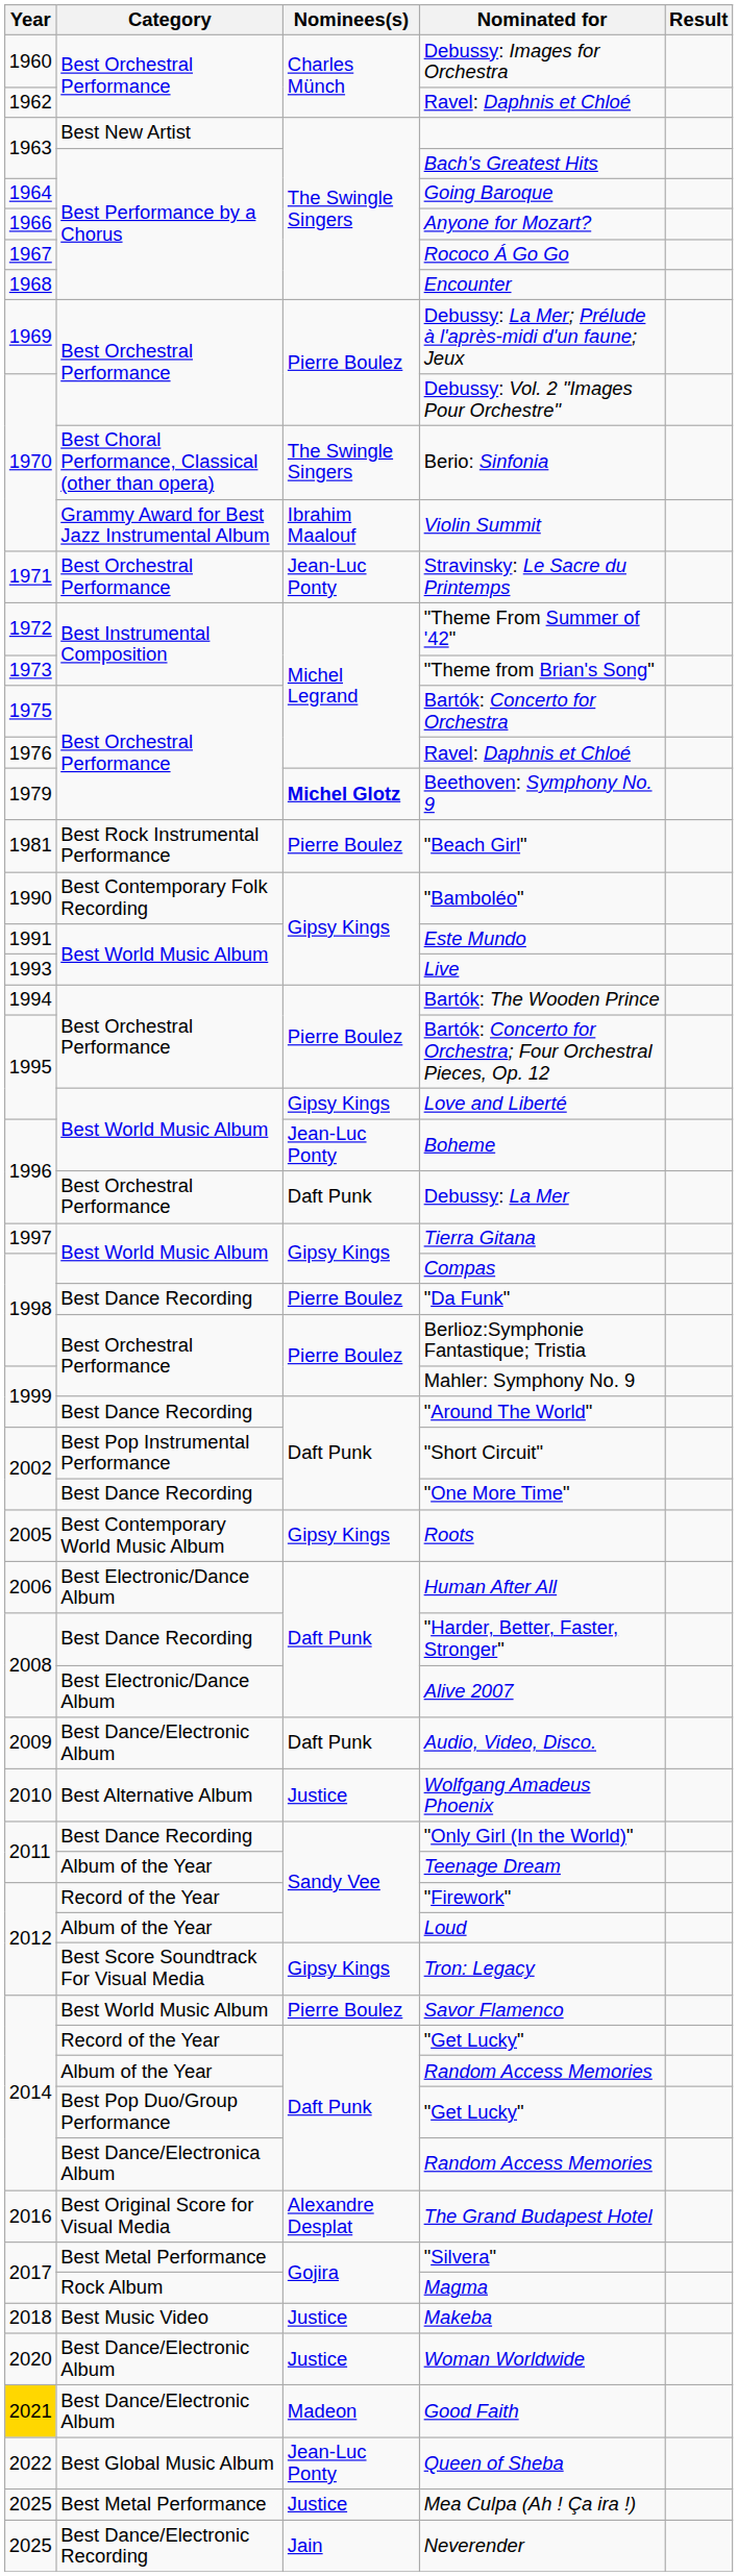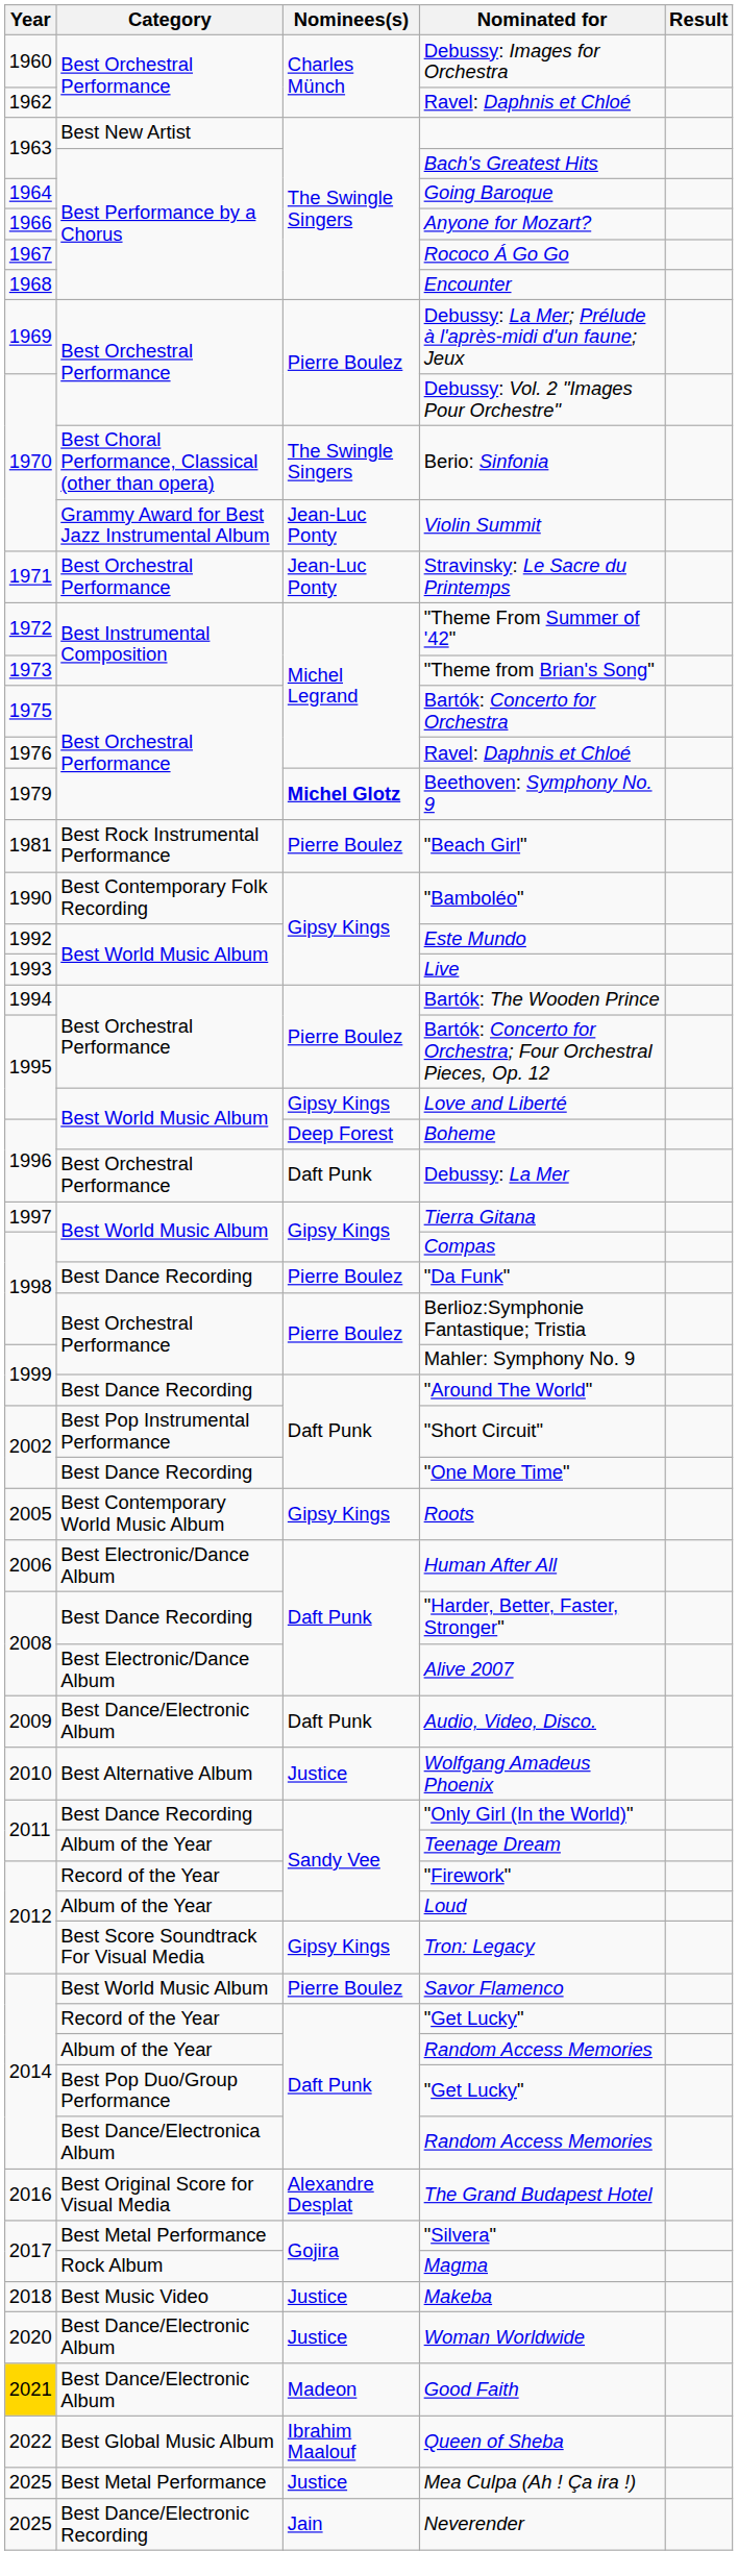 <table class="wikitable sortable">
 <tr>
 <th>Year</th>
 <th>Category</th>
 <th>Nominees(s)</th>
 <th>Nominated for</th>
 <th>Result</th>
 </tr>
 <tr>
 <td>1960</td>
 <td rowspan="2"><a href='#'>Best Orchestral Performance</a></td>
 <td rowspan=2><a href='#'>Charles Münch</a></td>
 <td><a href='#'>Debussy</a>: <em>Images for Orchestra</em></td>
 <td></td>
 </tr>
 <tr>
 <td>1962</td>
 <td><a href='#'>Ravel</a>: <em><a href='#'>Daphnis et Chloé</a></em></td>
 <td></td>
 </tr>
 <tr>
 <td rowspan=2>1963</td>
 <td>Best New Artist</td>
 <td rowspan=6><a href='#'>The Swingle Singers</a></td>
 <td></td>
 <td></td>
 </tr>
 <tr>
 <td rowspan=5><a href='#'>Best Performance by a Chorus</a></td>
 <td><em><a href='#'>Bach's Greatest Hits</a></em></td>
 <td></td>
 </tr>
 <tr>
 <td><a href='#'>1964</a></td>
 <td><em><a href='#'>Going Baroque</a></em></td>
 <td></td>
 </tr>
 <tr>
 <td><a href='#'>1966</a></td>
 <td><em><a href='#'>Anyone for Mozart?</a></em></td>
 <td></td>
 </tr>
 <tr>
 <td><a href='#'>1967</a></td>
 <td><em><a href='#'>Rococo Á Go Go</a></em></td>
 <td></td>
 </tr>
 <tr>
 <td><a href='#'>1968</a></td>
 <td><em><a href='#'>Encounter</a></em></td>
 <td></td>
 </tr>
 <tr>
 <td><a href='#'>1969</a></td>
 <td rowspan=2><a href='#'>Best Orchestral Performance</a></td>
 <td rowspan=2><a href='#'>Pierre Boulez</a></td>
 <td><a href='#'>Debussy</a>: <em><a href='#'>La Mer</a>; <a href='#'>Prélude à l'après-midi d'un faune</a>; Jeux</em></td>
 <td></td>
 </tr>
 <tr>
 <td rowspan=3><a href='#'>1970</a></td>
 <td><a href='#'>Debussy</a>: <em>Vol. 2 "Images Pour Orchestre"</em></td>
 <td></td>
 </tr>
 <tr>
 <td><a href='#'>Best Choral Performance, Classical (other than opera)</a></td>
 <td><a href='#'>The Swingle Singers</a></td>
 <td>Berio: <em><a href='#'>Sinfonia</a></em></td>
 <td></td>
 </tr>
 <tr>
 <td><a href='#'>Grammy Award for Best Jazz Instrumental Album</a></td>
-<td><a href='#'>Ibrahim Maalouf</a></td>
+<td><a href='#'>Jean-Luc Ponty</a></td>
 <td><em><a href='#'>Violin Summit</a></em></td>
 <td></td>
 </tr>
 <tr>
 <td><a href='#'>1971</a></td>
 <td><a href='#'>Best Orchestral Performance</a></td>
 <td><a href='#'>Jean-Luc Ponty</a></td>
 <td><a href='#'>Stravinsky</a>: <em><a href='#'>Le Sacre du Printemps</a></em></td>
 <td></td>
 </tr>
 <tr>
 <td><a href='#'>1972</a></td>
 <td rowspan=2><a href='#'>Best Instrumental Composition</a></td>
 <td rowspan=4><a href='#'>Michel Legrand</a></td>
 <td>"Theme From <a href='#'>Summer of '42</a>"</td>
 <td></td>
 </tr>
 <tr>
 <td><a href='#'>1973</a></td>
 <td>"Theme from <a href='#'>Brian's Song</a>"</td>
 <td></td>
 </tr>
 <tr>
 <td><a href='#'>1975</a></td>
 <td rowspan=3><a href='#'>Best Orchestral Performance</a></td>
 <td><a href='#'>Bartók</a>: <em><a href='#'>Concerto for Orchestra</a></em></td>
 <td></td>
 </tr>
 <tr>
 <td>1976</td>
 <td><a href='#'>Ravel</a>: <em><a href='#'>Daphnis et Chloé</a></em></td>
 <td></td>
 </tr>
 <tr>
 <td>1979</td>
 <td><strong><a href='#'>Michel Glotz</a></strong></td>
 <td><a href='#'>Beethoven</a>: <em><a href='#'>Symphony No. 9</a></em></td>
 <td></td>
 </tr>
 <tr>
 <td>1981</td>
 <td>Best Rock Instrumental Performance</td>
 <td><a href='#'>Pierre Boulez</a></td>
 <td>"<a href='#'>Beach Girl</a>"</td>
 <td></td>
 </tr>
 <tr>
 <td>1990</td>
 <td>Best Contemporary Folk Recording</td>
 <td rowspan="3"><a href='#'>Gipsy Kings</a></td>
 <td>"<a href='#'>Bamboléo</a>"</td>
 <td></td>
 </tr>
 <tr>
-<td>1991</td>
+<td>1992</td>
 <td rowspan="2"><a href='#'>Best World Music Album</a></td>
 <td><em><a href='#'>Este Mundo</a></em></td>
 <td></td>
 </tr>
 <tr>
 <td>1993</td>
 <td><em><a href='#'>Live</a></em></td>
 <td></td>
 </tr>
 <tr>
 <td>1994</td>
 <td rowspan="2">Best Orchestral Performance</td>
 <td rowspan="2"><a href='#'>Pierre Boulez</a></td>
 <td><a href='#'>Bartók</a>: <em>The Wooden Prince</em></td>
 <td></td>
 </tr>
 <tr>
 <td rowspan="2">1995</td>
 <td><a href='#'>Bartók</a>: <em><a href='#'>Concerto for Orchestra</a>; Four Orchestral Pieces, Op. 12</em></td>
 <td></td>
 </tr>
 <tr>
 <td rowspan="2"><a href='#'>Best World Music Album</a></td>
 <td><a href='#'>Gipsy Kings</a></td>
 <td><em><a href='#'>Love and Liberté</a></em></td>
 <td></td>
 </tr>
 <tr>
 <td rowspan="2">1996</td>
-<td><a href='#'>Jean-Luc Ponty</a></td>
+<td><a href='#'>Deep Forest</a></td>
 <td><em><a href='#'>Boheme</a></em></td>
 <td></td>
 </tr>
 <tr>
 <td>Best Orchestral Performance</td>
 <td>Daft Punk</td>
 <td><a href='#'>Debussy</a>: <em><a href='#'>La Mer</a></em></td>
 <td></td>
 </tr>
 <tr>
 <td>1997</td>
 <td rowspan=2><a href='#'>Best World Music Album</a></td>
 <td rowspan=2><a href='#'>Gipsy Kings</a></td>
 <td><em><a href='#'>Tierra Gitana</a></em></td>
 <td></td>
 </tr>
 <tr>
 <td rowspan="3">1998</td>
 <td><em><a href='#'>Compas</a></em></td>
 <td></td>
 </tr>
 <tr>
 <td>Best Dance Recording</td>
 <td><a href='#'>Pierre Boulez</a></td>
 <td>"<a href='#'>Da Funk</a>"</td>
 <td></td>
 </tr>
 <tr>
 <td rowspan="2">Best Orchestral Performance</td>
 <td rowspan="2"><a href='#'>Pierre Boulez</a></td>
 <td>Berlioz:Symphonie Fantastique; Tristia</td>
 <td></td>
 </tr>
 <tr>
 <td rowspan="2">1999</td>
 <td>Mahler: Symphony No. 9</td>
 <td></td>
 </tr>
 <tr>
 <td>Best Dance Recording</td>
 <td rowspan="3">Daft Punk</td>
 <td>"<a href='#'>Around The World</a>"</td>
 <td></td>
 </tr>
 <tr>
 <td rowspan="2">2002</td>
 <td>Best Pop Instrumental Performance</td>
 <td>"Short Circuit"</td>
 <td></td>
 </tr>
 <tr>
 <td>Best Dance Recording</td>
 <td>"<a href='#'>One More Time</a>"</td>
 <td></td>
 </tr>
 <tr>
 <td>2005</td>
 <td>Best Contemporary World Music Album</td>
 <td><a href='#'>Gipsy Kings</a></td>
 <td><em><a href='#'>Roots</a></em></td>
 <td></td>
 </tr>
 <tr>
 <td>2006</td>
 <td>Best Electronic/Dance Album</td>
 <td rowspan="3"><a href='#'>Daft Punk</a></td>
 <td><em><a href='#'>Human After All</a></em></td>
 <td></td>
 </tr>
 <tr>
 <td rowspan="2">2008</td>
 <td>Best Dance Recording</td>
 <td>"<a href='#'>Harder, Better, Faster, Stronger</a>"</td>
 <td></td>
 </tr>
 <tr>
 <td>Best Electronic/Dance Album</td>
 <td><em><a href='#'>Alive 2007</a></em></td>
 <td></td>
 </tr>
 <tr>
 <td>2009</td>
 <td>Best Dance/Electronic Album</td>
 <td>Daft Punk</td>
 <td><em><a href='#'>Audio, Video, Disco.</a></em></td>
 <td></td>
 </tr>
 <tr>
 <td>2010</td>
 <td>Best Alternative Album</td>
 <td><a href='#'>Justice</a></td>
 <td><em><a href='#'>Wolfgang Amadeus Phoenix</a></em></td>
 <td></td>
 </tr>
 <tr>
 <td rowspan="2">2011</td>
 <td>Best Dance Recording</td>
 <td rowspan="4"><a href='#'>Sandy Vee</a></td>
 <td>"<a href='#'>Only Girl (In the World)</a>"</td>
 <td></td>
 </tr>
 <tr>
 <td>Album of the Year</td>
 <td><em><a href='#'>Teenage Dream</a></em></td>
 <td></td>
 </tr>
 <tr>
 <td rowspan="3">2012</td>
 <td>Record of the Year</td>
 <td>"<a href='#'>Firework</a>"</td>
 <td></td>
 </tr>
 <tr>
 <td>Album of the Year</td>
 <td><em><a href='#'>Loud</a></em></td>
 <td></td>
 </tr>
 <tr>
 <td>Best Score Soundtrack For Visual Media</td>
 <td><a href='#'>Gipsy Kings</a></td>
 <td><em><a href='#'>Tron: Legacy</a></em></td>
 <td></td>
 </tr>
 <tr>
 <td rowspan="5">2014</td>
 <td>Best World Music Album</td>
 <td><a href='#'>Pierre Boulez</a></td>
 <td><em><a href='#'>Savor Flamenco</a></em></td>
 <td></td>
 </tr>
 <tr>
 <td>Record of the Year</td>
 <td rowspan="4"><a href='#'>Daft Punk</a></td>
 <td>"<a href='#'>Get Lucky</a>"</td>
 <td></td>
 </tr>
 <tr>
 <td>Album of the Year</td>
 <td><em><a href='#'>Random Access Memories</a></em></td>
 <td></td>
 </tr>
 <tr>
 <td>Best Pop Duo/Group Performance</td>
 <td>"<a href='#'>Get Lucky</a>"</td>
 <td></td>
 </tr>
 <tr>
 <td>Best Dance/Electronica Album</td>
 <td><em><a href='#'>Random Access Memories</a></em></td>
 <td></td>
 </tr>
 <tr>
 <td>2016</td>
 <td>Best Original Score for Visual Media</td>
 <td><a href='#'>Alexandre Desplat</a></td>
 <td><em><a href='#'>The Grand Budapest Hotel</a></em></td>
 <td></td>
 </tr>
 <tr>
 <td rowspan="2">2017</td>
 <td>Best Metal Performance</td>
 <td rowspan="2"><a href='#'>Gojira</a></td>
 <td>"<a href='#'>Silvera</a>"</td>
 <td></td>
 </tr>
 <tr>
 <td>Rock Album</td>
 <td><em><a href='#'>Magma</a></em></td>
 <td></td>
 </tr>
 <tr>
 <td>2018</td>
 <td>Best Music Video</td>
 <td><a href='#'>Justice</a></td>
 <td><em><a href='#'>Makeba</a></em></td>
 <td></td>
 </tr>
 <tr>
 <td>2020</td>
 <td>Best Dance/Electronic Album</td>
 <td><a href='#'>Justice</a></td>
 <td><em><a href='#'>Woman Worldwide</a></em></td>
 <td></td>
 </tr>
 <tr>
 <td style="background: gold;">2021</td>
 <td>Best Dance/Electronic Album</td>
 <td><a href='#'>Madeon</a></td>
 <td><em><a href='#'>Good Faith</a></em></td>
 <td></td>
 </tr>
 <tr>
 <td>2022</td>
 <td>Best Global Music Album</td>
-<td><a href='#'>Jean-Luc Ponty</a></td>
+<td><a href='#'>Ibrahim Maalouf</a></td>
 <td><em><a href='#'>Queen of Sheba</a></em></td>
 <td></td>
 </tr>
 <tr>
 <td>2025</td>
 <td>Best Metal Performance</td>
 <td><a href='#'>Justice</a></td>
 <td><em>Mea Culpa (Ah ! Ça ira !)</em></td>
 <td></td>
 </tr>
 <tr>
 <td>2025</td>
 <td>Best Dance/Electronic Recording</td>
 <td><a href='#'>Jain</a></td>
 <td><em>Neverender</em></td>
 <td></td>
 </tr>
 </table>
